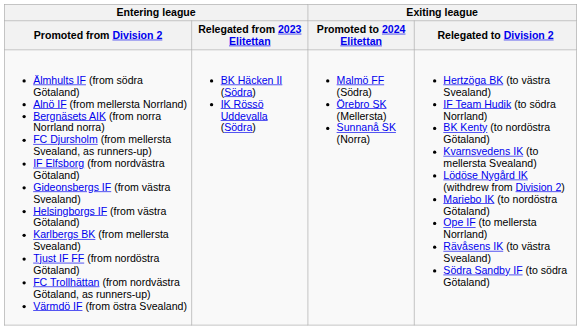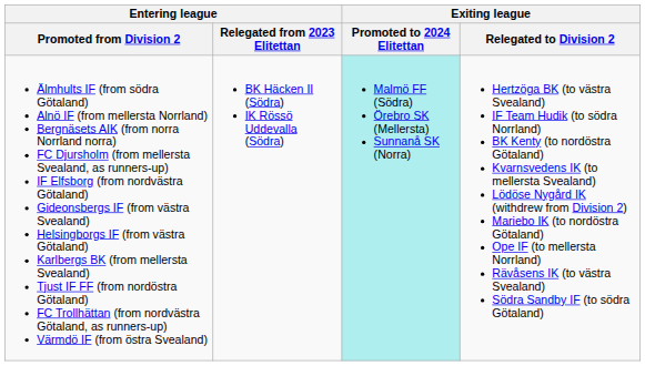 <table class="wikitable">
 <tr>
 <th colspan="2">Entering league</th>
 <th colspan="2">Exiting league</th>
 </tr>
 <tr>
 <th>Promoted from <a href='#'>Division 2</a></th>
 <th>Relegated from <a href='#'>2023 Elitettan</a></th>
 <th>Promoted to <a href='#'>2024 Elitettan</a></th>
 <th>Relegated to <a href='#'>Division 2</a></th>
 </tr>
 <tr style="vertical-align:top;">
 <td><br><ul><li><a href='#'>Älmhults IF</a> (from södra Götaland)</li><li><a href='#'>Alnö IF</a> (from mellersta Norrland)</li><li><a href='#'>Bergnäsets AIK</a> (from norra Norrland norra)</li><li><a href='#'>FC Djursholm</a> (from mellersta Svealand, as runners-up)</li><li><a href='#'>IF Elfsborg</a> (from nordvästra Götaland)</li><li><a href='#'>Gideonsbergs IF</a> (from västra Svealand)</li><li><a href='#'>Helsingborgs IF</a> (from västra Götaland)</li><li><a href='#'>Karlbergs BK</a> (from mellersta Svealand)</li><li><a href='#'>Tjust IF FF</a> (from nordöstra Götaland)</li><li><a href='#'>FC Trollhättan</a> (from nordvästra Götaland, as runners-up)</li><li><a href='#'>Värmdö IF</a> (from östra Svealand)</li></ul></td>
 <td><br><ul><li><a href='#'>BK Häcken II</a> (<a href='#'>Södra</a>)</li><li><a href='#'>IK Rössö Uddevalla</a> (<a href='#'>Södra</a>)</li></ul></td>
-<td><br><ul><li><a href='#'>Malmö FF</a> (Södra)</li><li><a href='#'>Örebro SK</a> (Mellersta)</li><li><a href='#'>Sunnanå SK</a> (Norra)</li></ul></td>
+<td style="background: paleturquoise;"><br><ul><li><a href='#'>Malmö FF</a> (Södra)</li><li><a href='#'>Örebro SK</a> (Mellersta)</li><li><a href='#'>Sunnanå SK</a> (Norra)</li></ul></td>
 <td><br><ul><li><a href='#'>Hertzöga BK</a> (to västra Svealand)</li><li><a href='#'>IF Team Hudik</a> (to södra Norrland)</li><li><a href='#'>BK Kenty</a> (to nordöstra Götaland)</li><li><a href='#'>Kvarnsvedens IK</a> (to mellersta Svealand)</li><li><a href='#'>Lödöse Nygård IK</a> (withdrew from <a href='#'>Division 2</a>)</li><li><a href='#'>Mariebo IK</a> (to nordöstra Götaland)</li><li><a href='#'>Ope IF</a> (to mellersta Norrland)</li><li><a href='#'>Rävåsens IK</a> (to västra Svealand)</li><li><a href='#'>Södra Sandby IF</a> (to södra Götaland)</li></ul></td>
 </tr>
 </table>
